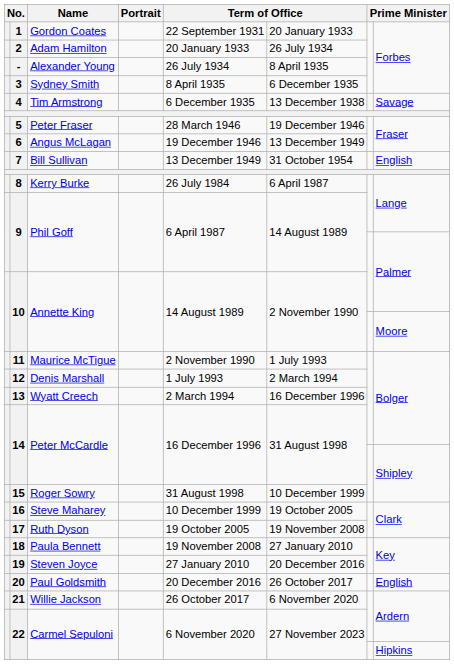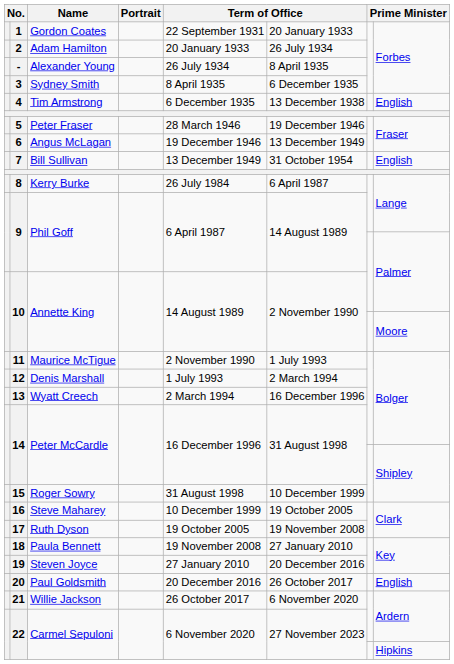 <table class="wikitable">
 <tr>
 <th colspan=2>No.</th>
 <th>Name</th>
 <th>Portrait</th>
 <th colspan=2>Term of Office</th>
 <th colspan=2>Prime Minister</th>
 </tr>
 <tr>
 <th style="color:inherit;background:"></th>
 <th>1</th>
 <td><a href='#'>Gordon Coates</a></td>
 <td></td>
 <td>22 September 1931</td>
 <td>20 January 1933</td>
 <td width=1 rowspan=4 style="color:inherit;background:"></td>
 <td rowspan=4><a href='#'>Forbes</a></td>
 </tr>
 <tr>
 <th style="color:inherit;background:"></th>
 <th>2</th>
 <td><a href='#'>Adam Hamilton</a></td>
 <td></td>
 <td>20 January 1933</td>
 <td>26 July 1934</td>
 </tr>
 <tr>
 <th style="color:inherit;background:"></th>
 <th>-</th>
 <td><a href='#'>Alexander Young</a><br></td>
 <td></td>
 <td>26 July 1934</td>
 <td>8 April 1935</td>
 </tr>
 <tr>
 <th style="color:inherit;background:"></th>
 <th>3</th>
 <td><a href='#'>Sydney Smith</a></td>
 <td></td>
 <td>8 April 1935</td>
 <td>6 December 1935</td>
 </tr>
 <tr>
 <th style="color:inherit;background:"></th>
 <th>4</th>
 <td><a href='#'>Tim Armstrong</a></td>
 <td></td>
 <td>6 December 1935</td>
 <td>13 December 1938</td>
 <td style="color:inherit;background:"></td>
-<td><a href='#'>Savage</a></td>
+<td><a href='#'>English</a></td>
 </tr>
 <tr>
 <th colspan="8"></th>
 </tr>
 <tr>
 <th style="color:inherit;background:"></th>
 <th>5</th>
 <td><a href='#'>Peter Fraser</a></td>
 <td></td>
 <td>28 March 1946</td>
 <td>19 December 1946</td>
 <td width=1 rowspan=2 style="color:inherit;background:"></td>
 <td rowspan=2><a href='#'>Fraser</a></td>
 </tr>
 <tr>
 <th style="color:inherit;background:"></th>
 <th>6</th>
 <td><a href='#'>Angus McLagan</a></td>
 <td></td>
 <td>19 December 1946</td>
 <td>13 December 1949</td>
 </tr>
 <tr>
 <th style="color:inherit;background:"></th>
 <th>7</th>
 <td><a href='#'>Bill Sullivan</a></td>
 <td></td>
 <td>13 December 1949</td>
 <td>31 October 1954</td>
 <td style="color:inherit;background:"></td>
 <td><a href='#'>English</a></td>
 </tr>
 <tr>
 <th colspan="8"></th>
 </tr>
 <tr>
 <th style="color:inherit;background:"></th>
 <th>8</th>
 <td><a href='#'>Kerry Burke</a></td>
 <td></td>
 <td>26 July 1984</td>
 <td>6 April 1987</td>
 <td rowspan=2 style="color:inherit;background:"></td>
 <td rowspan=2><a href='#'>Lange</a></td>
 </tr>
 <tr>
 <th height=50 style="border-bottom:solid 0 grey; background:"></th>
 <th rowspan=2>9</th>
 <td rowspan=2><a href='#'>Phil Goff</a></td>
 <td rowspan=2></td>
 <td rowspan=2>6 April 1987</td>
 <td rowspan=2>14 August 1989</td>
 </tr>
 <tr>
 <th height=50 style="border-top:solid 0 grey; background:"></th>
 <td rowspan=2 style="color:inherit;background:"></td>
 <td rowspan=2><a href='#'>Palmer</a></td>
 </tr>
 <tr>
 <th height=50 style="border-bottom:solid 0 grey; background:"></th>
 <th rowspan=2>10</th>
 <td rowspan=2><a href='#'>Annette King</a></td>
 <td rowspan=2></td>
 <td rowspan=2>14 August 1989</td>
 <td rowspan=2>2 November 1990</td>
 </tr>
 <tr>
 <th height=50 style="border-top:solid 0 grey; background:"></th>
 <td style="color:inherit;background:"></td>
 <td><a href='#'>Moore</a></td>
 </tr>
 <tr>
 <th style="color:inherit;background:"></th>
 <th>11</th>
 <td><a href='#'>Maurice McTigue</a></td>
 <td></td>
 <td>2 November 1990</td>
 <td>1 July 1993</td>
 <td rowspan=4 style="color:inherit;background:"></td>
 <td rowspan=4><a href='#'>Bolger</a></td>
 </tr>
 <tr>
 <th style="color:inherit;background:"></th>
 <th>12</th>
 <td><a href='#'>Denis Marshall</a></td>
 <td></td>
 <td>1 July 1993</td>
 <td>2 March 1994</td>
 </tr>
 <tr>
 <th style="color:inherit;background:"></th>
 <th>13</th>
 <td><a href='#'>Wyatt Creech</a></td>
 <td></td>
 <td>2 March 1994</td>
 <td>16 December 1996</td>
 </tr>
 <tr>
 <th height=50 style="border-bottom:solid 0 grey; background:"></th>
 <th rowspan=2>14</th>
 <td rowspan=2><a href='#'>Peter McCardle</a></td>
 <td rowspan=2></td>
 <td rowspan=2>16 December 1996</td>
 <td rowspan=2>31 August 1998</td>
 </tr>
 <tr>
 <th height=50 style="border-top:solid 0 grey; background:"></th>
 <td rowspan=2 style="color:inherit;background:"></td>
 <td rowspan=2><a href='#'>Shipley</a></td>
 </tr>
 <tr>
 <th style="color:inherit;background:"></th>
 <th>15</th>
 <td><a href='#'>Roger Sowry</a></td>
 <td></td>
 <td>31 August 1998</td>
 <td>10 December 1999</td>
 </tr>
 <tr>
 <th style="color:inherit;background:"></th>
 <th>16</th>
 <td><a href='#'>Steve Maharey</a></td>
 <td></td>
 <td>10 December 1999</td>
 <td>19 October 2005</td>
 <td rowspan=2 style="color:inherit;background:"></td>
 <td rowspan=2><a href='#'>Clark</a></td>
 </tr>
 <tr>
 <th style="color:inherit;background:"></th>
 <th>17</th>
 <td><a href='#'>Ruth Dyson</a></td>
 <td></td>
 <td>19 October 2005</td>
 <td>19 November 2008</td>
 </tr>
 <tr>
 <th style="color:inherit;background:"></th>
 <th>18</th>
 <td><a href='#'>Paula Bennett</a></td>
 <td></td>
 <td>19 November 2008</td>
 <td>27 January 2010</td>
 <td rowspan=2 style="color:inherit;background:"></td>
 <td rowspan=2><a href='#'>Key</a></td>
 </tr>
 <tr>
 <th style="color:inherit;background:"></th>
 <th>19</th>
 <td><a href='#'>Steven Joyce</a></td>
 <td></td>
 <td>27 January 2010</td>
 <td>20 December 2016</td>
 </tr>
 <tr>
 <th style="color:inherit;background:"></th>
 <th>20</th>
 <td><a href='#'>Paul Goldsmith</a></td>
 <td></td>
 <td>20 December 2016</td>
 <td>26 October 2017</td>
 <td style="color:inherit;background:"></td>
 <td><a href='#'>English</a></td>
 </tr>
 <tr>
 <th style="color:inherit;background:"></th>
 <th>21</th>
 <td><a href='#'>Willie Jackson</a></td>
 <td></td>
 <td>26 October 2017</td>
 <td>6 November 2020</td>
 <td rowspan=2 style="color:inherit;background:"></td>
 <td rowspan=2><a href='#'>Ardern</a></td>
 </tr>
 <tr>
 <th height=40 style="border-bottom:solid 0 grey; background:"></th>
 <th rowspan="2">22</th>
 <td rowspan="2"><a href='#'>Carmel Sepuloni</a></td>
 <td rowspan="2"></td>
 <td rowspan="2">6 November 2020</td>
 <td rowspan="2">27 November 2023</td>
 </tr>
 <tr>
 <th height=15 style="border-top:solid 0 grey; background:"></th>
 <td style="color:inherit;background:"></td>
 <td><a href='#'>Hipkins</a></td>
 </tr>
 </table>
